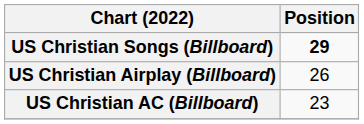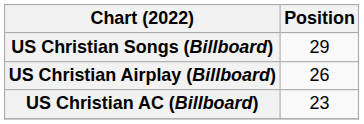 <table class="wikitable plainrowheaders" style="text-align:center">
 <tr>
 <th scope="col">Chart (2022)</th>
 <th scope="col">Position</th>
 </tr>
 <tr>
 <th scope="row">US Christian Songs (<em>Billboard</em>)</th>
-<td><strong>29</strong></td>
+<td>29</td>
 </tr>
 <tr>
 <th scope="row">US Christian Airplay (<em>Billboard</em>)</th>
 <td>26</td>
 </tr>
 <tr>
 <th scope="row">US Christian AC (<em>Billboard</em>)</th>
 <td>23</td>
 </tr>
 <tr>
 </tr>
 </table>
